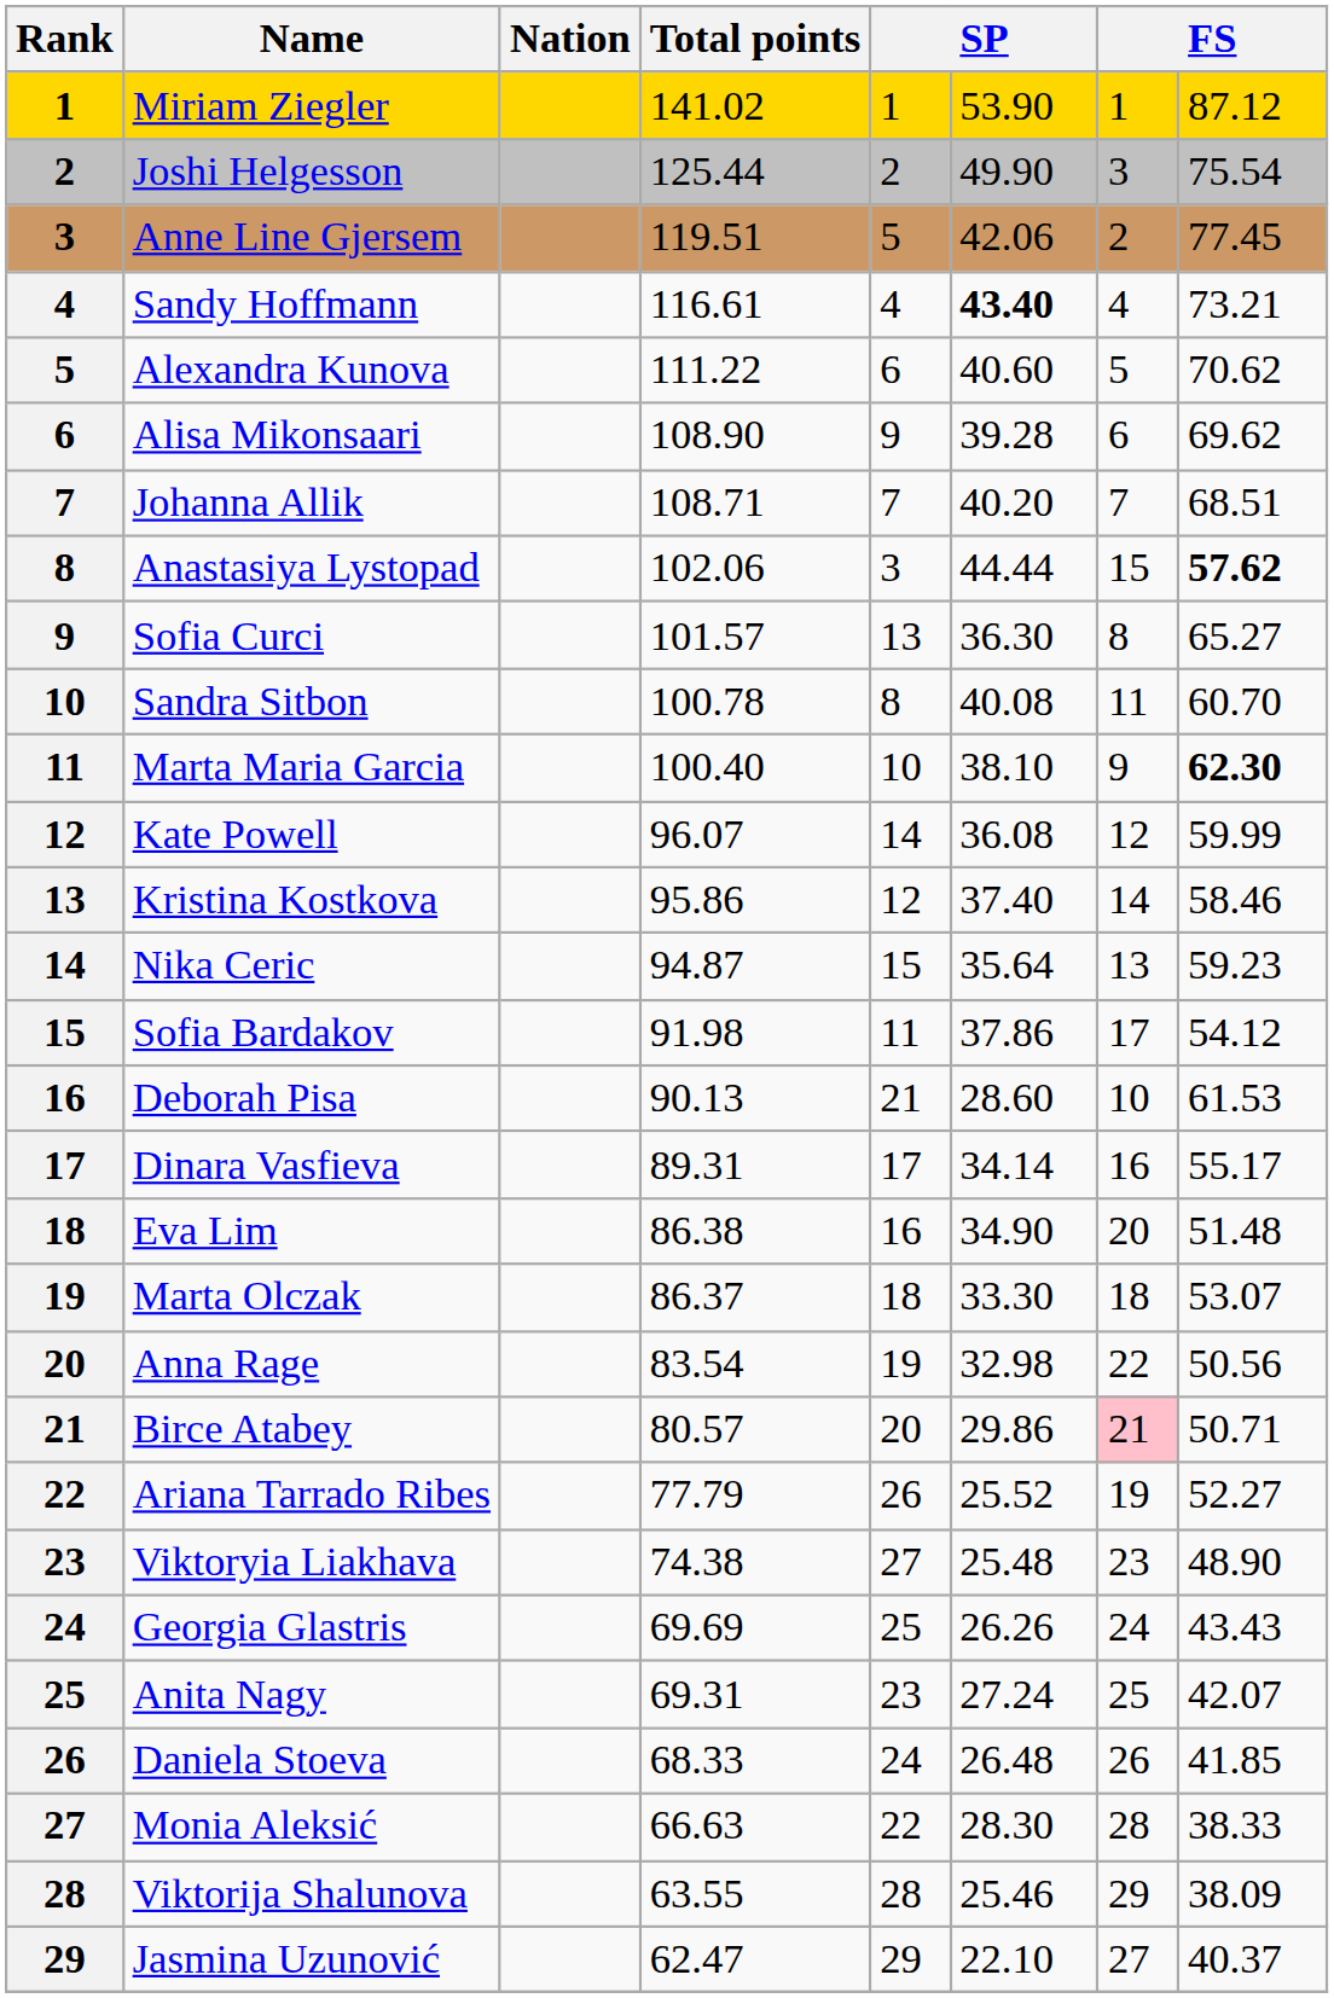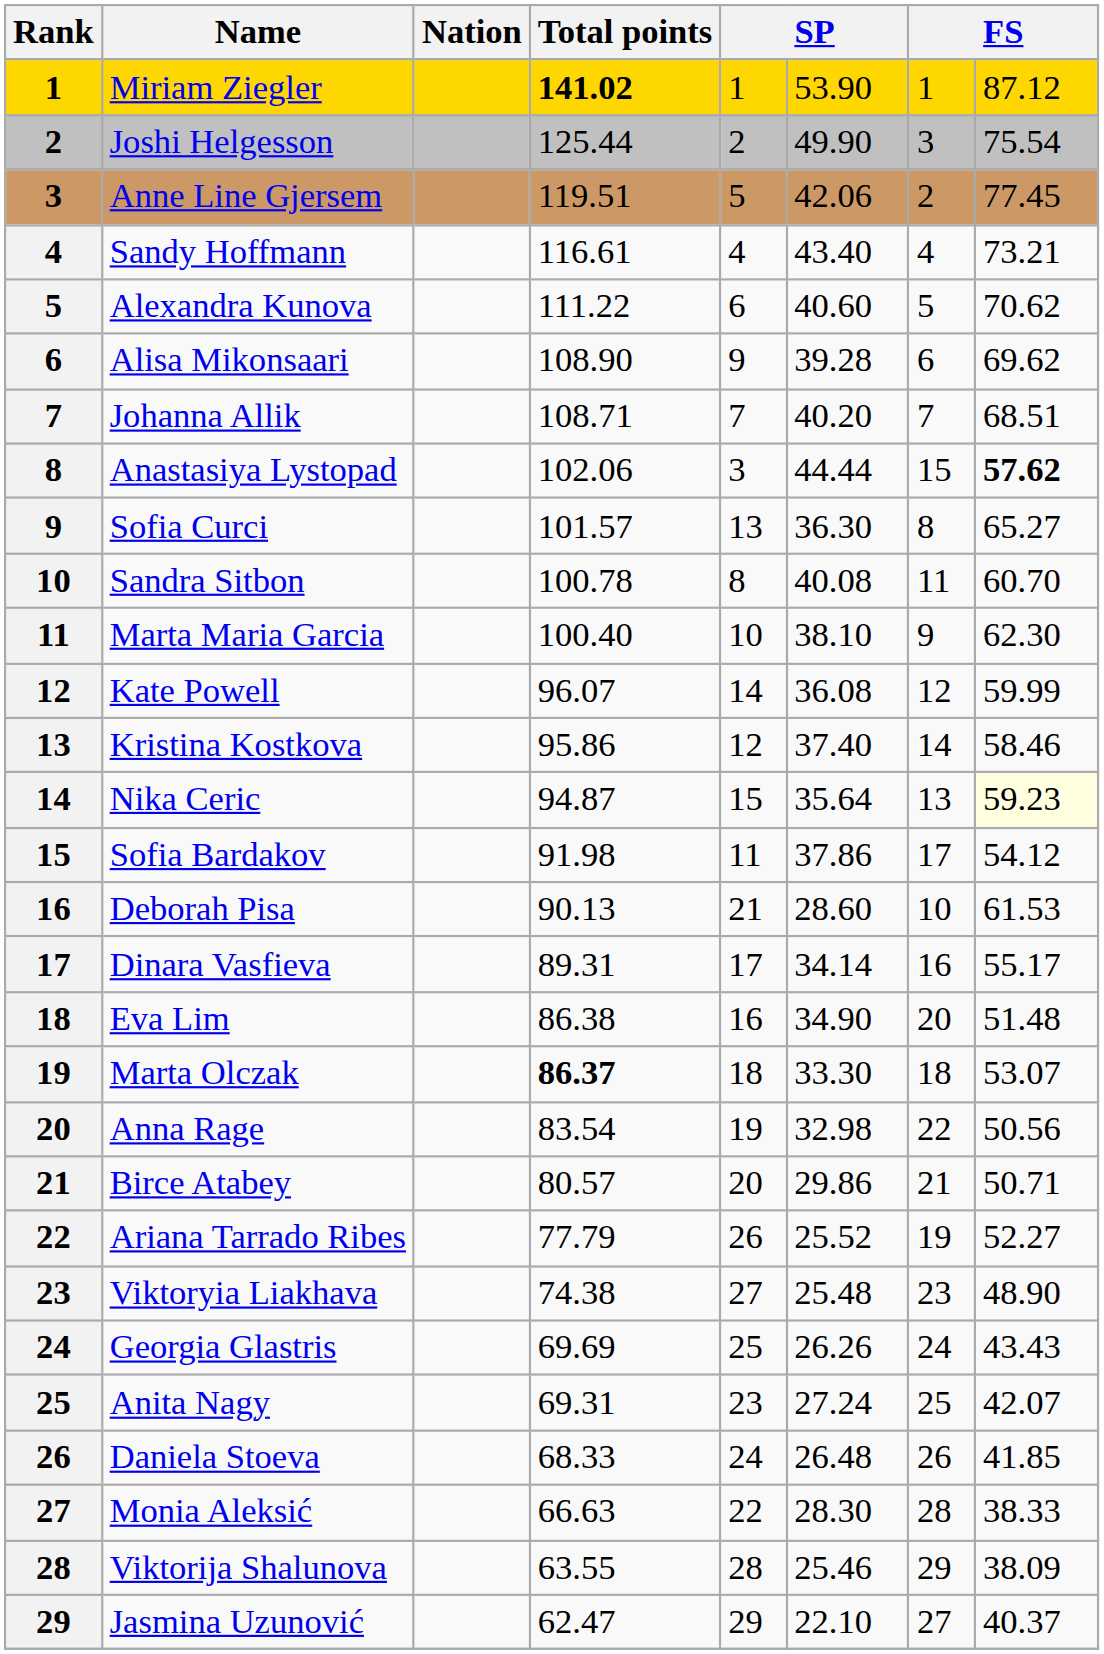 <table class="wikitable sortable">
 <tr>
 <th>Rank</th>
 <th>Name</th>
 <th>Nation</th>
 <th>Total points</th>
 <th colspan="2" width="80px"><a href='#'>SP</a></th>
 <th colspan="2" width="80px"><a href='#'>FS</a></th>
 </tr>
 <tr bgcolor="gold">
 <td align="center"><strong>1</strong></td>
 <td><a href='#'>Miriam Ziegler</a></td>
 <td></td>
-<td>141.02</td>
+<td><strong>141.02</strong></td>
 <td>1</td>
 <td>53.90</td>
 <td>1</td>
 <td>87.12</td>
 </tr>
 <tr bgcolor="silver">
 <td align="center"><strong>2</strong></td>
 <td><a href='#'>Joshi Helgesson</a></td>
 <td></td>
 <td>125.44</td>
 <td>2</td>
 <td>49.90</td>
 <td>3</td>
 <td>75.54</td>
 </tr>
 <tr bgcolor="cc9966">
 <td align="center"><strong>3</strong></td>
 <td><a href='#'>Anne Line Gjersem</a></td>
 <td></td>
 <td>119.51</td>
 <td>5</td>
 <td>42.06</td>
 <td>2</td>
 <td>77.45</td>
 </tr>
 <tr>
 <th>4</th>
 <td><a href='#'>Sandy Hoffmann</a></td>
 <td></td>
 <td>116.61</td>
 <td>4</td>
-<td><strong>43.40</strong></td>
+<td>43.40</td>
 <td>4</td>
 <td>73.21</td>
 </tr>
 <tr>
 <th>5</th>
 <td><a href='#'>Alexandra Kunova</a></td>
 <td></td>
 <td>111.22</td>
 <td>6</td>
 <td>40.60</td>
 <td>5</td>
 <td>70.62</td>
 </tr>
 <tr>
 <th>6</th>
 <td><a href='#'>Alisa Mikonsaari</a></td>
 <td></td>
 <td>108.90</td>
 <td>9</td>
 <td>39.28</td>
 <td>6</td>
 <td>69.62</td>
 </tr>
 <tr>
 <th>7</th>
 <td><a href='#'>Johanna Allik</a></td>
 <td></td>
 <td>108.71</td>
 <td>7</td>
 <td>40.20</td>
 <td>7</td>
 <td>68.51</td>
 </tr>
 <tr>
 <th>8</th>
 <td><a href='#'>Anastasiya Lystopad</a></td>
 <td></td>
 <td>102.06</td>
 <td>3</td>
 <td>44.44</td>
 <td>15</td>
 <td><strong>57.62</strong></td>
 </tr>
 <tr>
 <th>9</th>
 <td><a href='#'>Sofia Curci</a></td>
 <td></td>
 <td>101.57</td>
 <td>13</td>
 <td>36.30</td>
 <td>8</td>
 <td>65.27</td>
 </tr>
 <tr>
 <th>10</th>
 <td><a href='#'>Sandra Sitbon</a></td>
 <td></td>
 <td>100.78</td>
 <td>8</td>
 <td>40.08</td>
 <td>11</td>
 <td>60.70</td>
 </tr>
 <tr>
 <th>11</th>
 <td><a href='#'>Marta Maria Garcia</a></td>
 <td></td>
 <td>100.40</td>
 <td>10</td>
 <td>38.10</td>
 <td>9</td>
-<td><strong>62.30</strong></td>
+<td>62.30</td>
 </tr>
 <tr>
 <th>12</th>
 <td><a href='#'>Kate Powell</a></td>
 <td></td>
 <td>96.07</td>
 <td>14</td>
 <td>36.08</td>
 <td>12</td>
 <td>59.99</td>
 </tr>
 <tr>
 <th>13</th>
 <td><a href='#'>Kristina Kostkova</a></td>
 <td></td>
 <td>95.86</td>
 <td>12</td>
 <td>37.40</td>
 <td>14</td>
 <td>58.46</td>
 </tr>
 <tr>
 <th>14</th>
 <td><a href='#'>Nika Ceric</a></td>
 <td></td>
 <td>94.87</td>
 <td>15</td>
 <td>35.64</td>
 <td>13</td>
-<td>59.23</td>
+<td style="background: lightyellow;">59.23</td>
 </tr>
 <tr>
 <th>15</th>
 <td><a href='#'>Sofia Bardakov</a></td>
 <td></td>
 <td>91.98</td>
 <td>11</td>
 <td>37.86</td>
 <td>17</td>
 <td>54.12</td>
 </tr>
 <tr>
 <th>16</th>
 <td><a href='#'>Deborah Pisa</a></td>
 <td></td>
 <td>90.13</td>
 <td>21</td>
 <td>28.60</td>
 <td>10</td>
 <td>61.53</td>
 </tr>
 <tr>
 <th>17</th>
 <td><a href='#'>Dinara Vasfieva</a></td>
 <td></td>
 <td>89.31</td>
 <td>17</td>
 <td>34.14</td>
 <td>16</td>
 <td>55.17</td>
 </tr>
 <tr>
 <th>18</th>
 <td><a href='#'>Eva Lim</a></td>
 <td></td>
 <td>86.38</td>
 <td>16</td>
 <td>34.90</td>
 <td>20</td>
 <td>51.48</td>
 </tr>
 <tr>
 <th>19</th>
 <td><a href='#'>Marta Olczak</a></td>
 <td></td>
-<td>86.37</td>
+<td><strong>86.37</strong></td>
 <td>18</td>
 <td>33.30</td>
 <td>18</td>
 <td>53.07</td>
 </tr>
 <tr>
 <th>20</th>
 <td><a href='#'>Anna Rage</a></td>
 <td></td>
 <td>83.54</td>
 <td>19</td>
 <td>32.98</td>
 <td>22</td>
 <td>50.56</td>
 </tr>
 <tr>
 <th>21</th>
 <td><a href='#'>Birce Atabey</a></td>
 <td></td>
 <td>80.57</td>
 <td>20</td>
 <td>29.86</td>
-<td style="background: pink;">21</td>
+<td>21</td>
 <td>50.71</td>
 </tr>
 <tr>
 <th>22</th>
 <td><a href='#'>Ariana Tarrado Ribes</a></td>
 <td></td>
 <td>77.79</td>
 <td>26</td>
 <td>25.52</td>
 <td>19</td>
 <td>52.27</td>
 </tr>
 <tr>
 <th>23</th>
 <td><a href='#'>Viktoryia Liakhava</a></td>
 <td></td>
 <td>74.38</td>
 <td>27</td>
 <td>25.48</td>
 <td>23</td>
 <td>48.90</td>
 </tr>
 <tr>
 <th>24</th>
 <td><a href='#'>Georgia Glastris</a></td>
 <td></td>
 <td>69.69</td>
 <td>25</td>
 <td>26.26</td>
 <td>24</td>
 <td>43.43</td>
 </tr>
 <tr>
 <th>25</th>
 <td><a href='#'>Anita Nagy</a></td>
 <td></td>
 <td>69.31</td>
 <td>23</td>
 <td>27.24</td>
 <td>25</td>
 <td>42.07</td>
 </tr>
 <tr>
 <th>26</th>
 <td><a href='#'>Daniela Stoeva</a></td>
 <td></td>
 <td>68.33</td>
 <td>24</td>
 <td>26.48</td>
 <td>26</td>
 <td>41.85</td>
 </tr>
 <tr>
 <th>27</th>
 <td><a href='#'>Monia Aleksić</a></td>
 <td></td>
 <td>66.63</td>
 <td>22</td>
 <td>28.30</td>
 <td>28</td>
 <td>38.33</td>
 </tr>
 <tr>
 <th>28</th>
 <td><a href='#'>Viktorija Shalunova</a></td>
 <td></td>
 <td>63.55</td>
 <td>28</td>
 <td>25.46</td>
 <td>29</td>
 <td>38.09</td>
 </tr>
 <tr>
 <th>29</th>
 <td><a href='#'>Jasmina Uzunović</a></td>
 <td></td>
 <td>62.47</td>
 <td>29</td>
 <td>22.10</td>
 <td>27</td>
 <td>40.37</td>
 </tr>
 <tr>
 </tr>
 </table>
